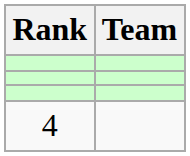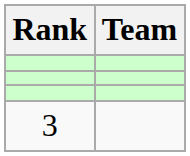 <table class="wikitable">
 <tr>
 <th>Rank</th>
 <th>Team</th>
 </tr>
 <tr bgcolor=#ccffcc>
 <td align=center></td>
 <td></td>
 </tr>
 <tr bgcolor=#ccffcc>
 <td align=center></td>
 <td></td>
 </tr>
 <tr bgcolor=#ccffcc>
 <td align=center></td>
 <td></td>
 </tr>
 <tr>
-<td align=center>4</td>
+<td align=center>3</td>
 <td></td>
 </tr>
 <tr>
 </tr>
 </table>
